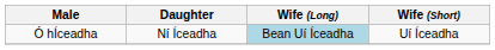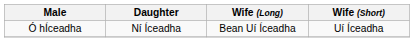 <table class="wikitable" style="text-align:right">
 <tr>
 <th width=20%>Male</th>
 <th width=20%>Daughter</th>
 <th width=20%>Wife <em><small>(Long)</small></em></th>
 <th width=20%>Wife <em><small>(Short)</small></em></th>
 </tr>
 <tr>
 <td align="center">Ó hÍceadha</td>
 <td align="center">Ní Íceadha</td>
-<td align="center" style="background: lightblue;">Bean Uí Íceadha</td>
+<td align="center">Bean Uí Íceadha</td>
 <td align="center">Uí Íceadha</td>
 </tr>
 <tr>
 </tr>
 </table>
